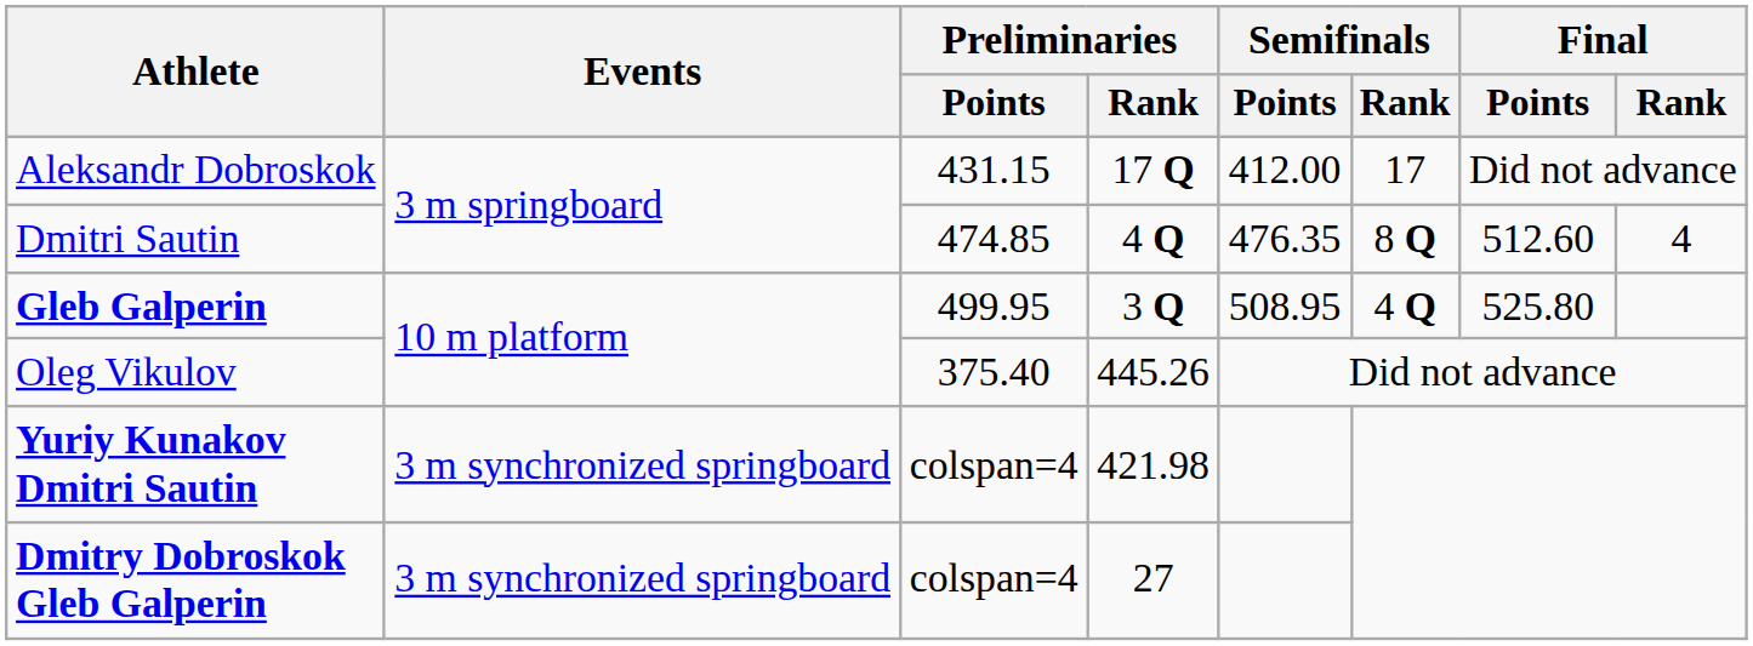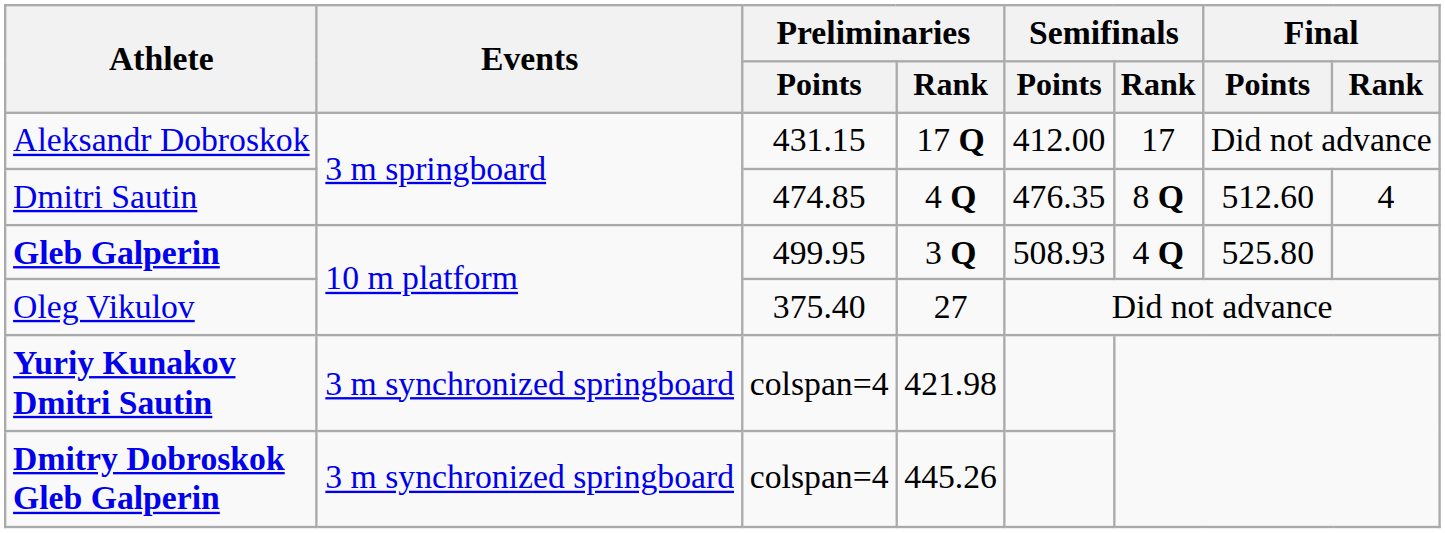 <table class=wikitable style="font-size:90%">
 <tr>
 <th rowspan="2">Athlete</th>
 <th rowspan="2">Events</th>
 <th colspan="2">Preliminaries</th>
 <th colspan="2">Semifinals</th>
 <th colspan="2">Final</th>
 </tr>
 <tr style="font-size:95%">
 <th>Points</th>
 <th>Rank</th>
 <th>Points</th>
 <th>Rank</th>
 <th>Points</th>
 <th>Rank</th>
 </tr>
 <tr align=center>
 <td align=left><a href='#'>Aleksandr Dobroskok</a></td>
 <td align=left rowspan=2><a href='#'>3 m springboard</a></td>
 <td>431.15</td>
 <td>17 <strong>Q</strong></td>
 <td>412.00</td>
 <td>17</td>
 <td colspan=2>Did not advance</td>
 </tr>
 <tr align=center>
 <td align=left><a href='#'>Dmitri Sautin</a></td>
 <td>474.85</td>
 <td>4 <strong>Q</strong></td>
 <td>476.35</td>
 <td>8 <strong>Q</strong></td>
 <td>512.60</td>
 <td>4</td>
 </tr>
 <tr align=center>
 <td align=left><strong><a href='#'>Gleb Galperin</a></strong></td>
 <td align=left rowspan=2><a href='#'>10 m platform</a></td>
 <td>499.95</td>
 <td>3 <strong>Q</strong></td>
-<td>508.95</td>
+<td>508.93</td>
 <td>4 <strong>Q</strong></td>
 <td>525.80</td>
 <td></td>
 </tr>
 <tr align=center>
 <td align=left><a href='#'>Oleg Vikulov</a></td>
 <td>375.40</td>
-<td>445.26</td>
+<td>27</td>
 <td colspan=4>Did not advance</td>
 </tr>
 <tr align=center>
 <td align=left><strong><a href='#'>Yuriy Kunakov</a><br><a href='#'>Dmitri Sautin</a></strong></td>
 <td align=left><a href='#'>3 m synchronized springboard</a></td>
 <td>colspan=4 </td>
 <td>421.98</td>
 <td></td>
 </tr>
 <tr align=center>
 <td align=left><strong><a href='#'>Dmitry Dobroskok</a><br><a href='#'>Gleb Galperin</a></strong></td>
 <td align=left><a href='#'>3 m synchronized springboard</a></td>
 <td>colspan=4 </td>
-<td>27</td>
+<td>445.26</td>
 <td></td>
 </tr>
 </table>
